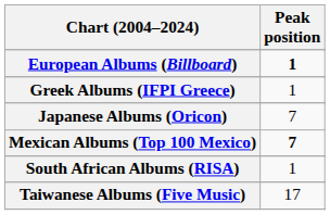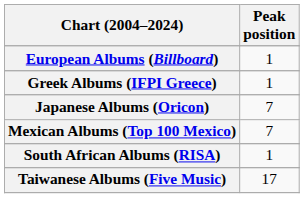 <table class="wikitable sortable plainrowheaders" style="text-align:center">
 <tr>
 <th>Chart (2004–2024)</th>
 <th>Peak<br>position</th>
 </tr>
 <tr>
 </tr>
 <tr>
 </tr>
 <tr>
 </tr>
 <tr>
 </tr>
 <tr>
 </tr>
 <tr>
 </tr>
 <tr>
 </tr>
 <tr>
 <th scope="row"><a href='#'>European Albums</a> (<em><a href='#'>Billboard</a></em>)</th>
-<td style="text-align:center;"><strong>1</strong></td>
+<td style="text-align:center;">1</td>
 </tr>
 <tr>
 </tr>
 <tr>
 </tr>
 <tr>
 </tr>
 <tr>
 <th scope="row">Greek Albums (<a href='#'>IFPI Greece</a>)</th>
 <td>1</td>
 </tr>
 <tr>
 </tr>
 <tr>
 </tr>
 <tr>
 </tr>
 <tr>
 <th scope="row">Japanese Albums (<a href='#'>Oricon</a>)</th>
 <td>7</td>
 </tr>
 <tr>
 <th scope="row">Mexican Albums (<a href='#'>Top 100 Mexico</a>)</th>
-<td><strong>7</strong></td>
+<td>7</td>
 </tr>
 <tr>
 </tr>
 <tr>
 </tr>
 <tr>
 </tr>
 <tr>
 <th scope="row">South African Albums (<a href='#'>RISA</a>)</th>
 <td style="text-align:center;">1</td>
 </tr>
 <tr>
 </tr>
 <tr>
 </tr>
 <tr>
 </tr>
 <tr>
 <th scope="row">Taiwanese Albums (<a href='#'>Five Music</a>)</th>
 <td>17</td>
 </tr>
 <tr>
 </tr>
 <tr>
 </tr>
 <tr>
 </tr>
 <tr>
 </tr>
 <tr>
 </tr>
 <tr>
 </tr>
 </table>
